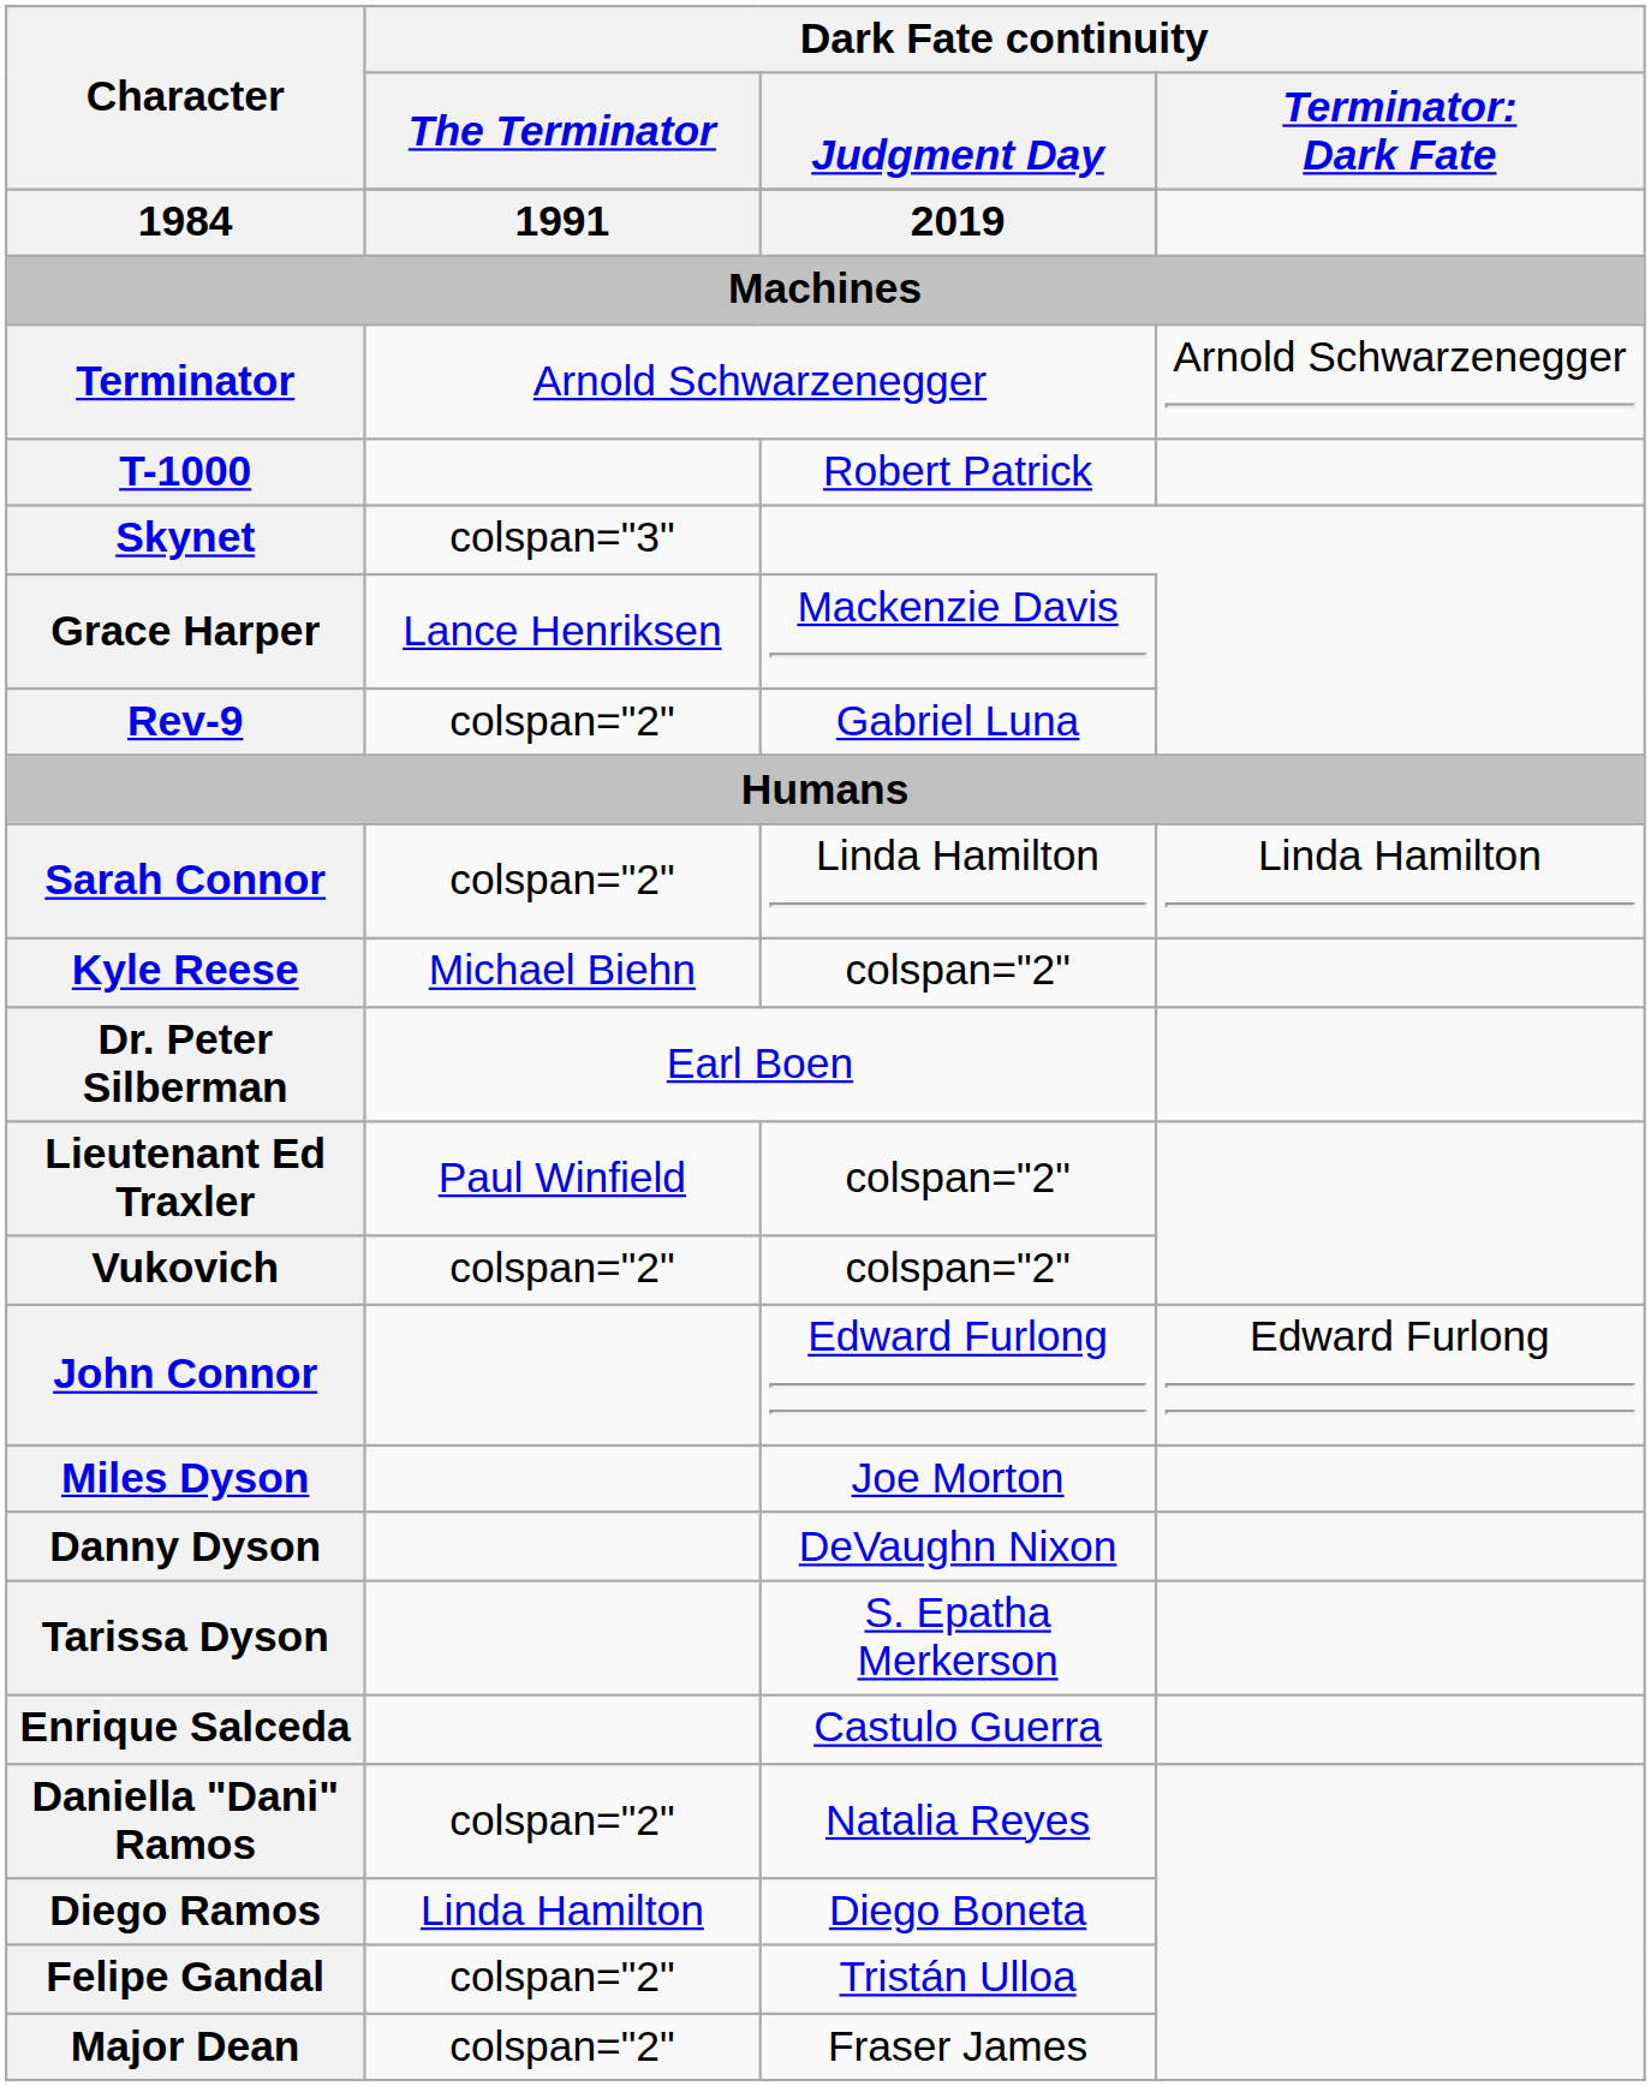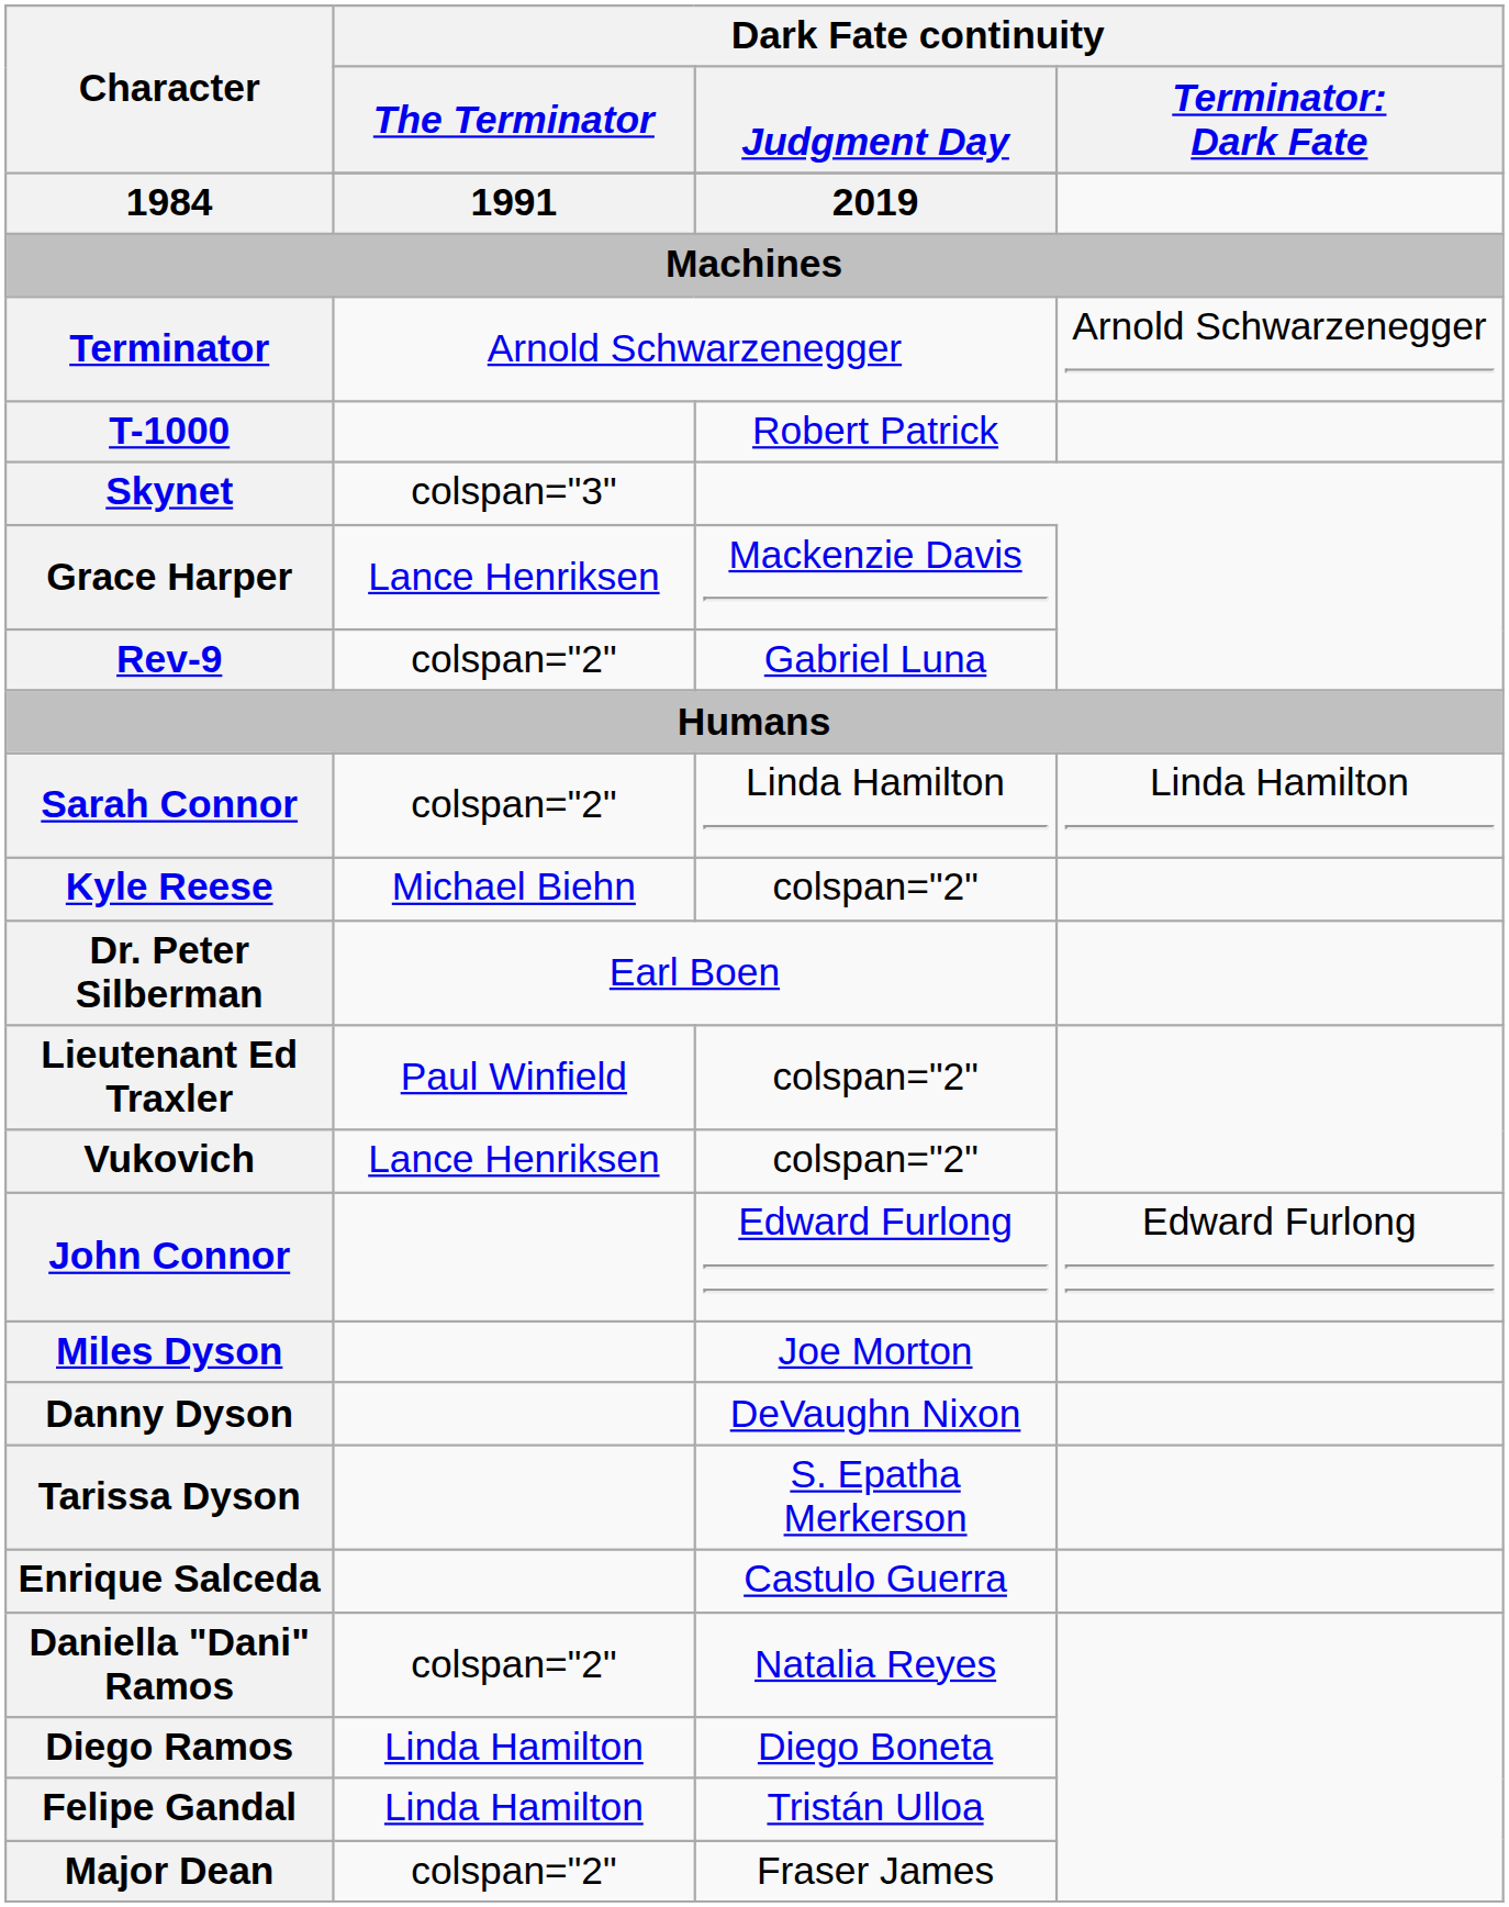 <table class="wikitable" style="text-align:center; width:99%; ">
 <tr>
 <th rowspan="3" style="width:12%;">Character</th>
 <th colspan="5" style="text-align:center;">Dark Fate continuity</th>
 </tr>
 <tr>
 <th style="text-align:center; width:15%;"><em><a href='#'>The Terminator</a></em></th>
 <th style="text-align:center; width:15%;"><em><a href='#'><br>Judgment Day</a></em></th>
 <th style="text-align:center; width:15%;"><em><a href='#'>Terminator:<br>Dark Fate</a></em></th>
 </tr>
 <tr>
 </tr>
 <tr>
 <th>1984</th>
 <th>1991</th>
 <th>2019</th>
 </tr>
 <tr>
 <th colspan="10" style="background-color:silver;"><strong>Machines</strong></th>
 </tr>
 <tr>
 <th><a href='#'>Terminator<br></a></th>
 <td colspan="2"><a href='#'>Arnold Schwarzenegger</a></td>
 <td>Arnold Schwarzenegger<hr></td>
 </tr>
 <tr>
 <th><a href='#'>T-1000</a></th>
 <td></td>
 <td><a href='#'>Robert Patrick</a></td>
 <td></td>
 </tr>
 <tr>
 <th><a href='#'>Skynet</a></th>
 <td>colspan="3" </td>
 </tr>
 <tr>
 <th>Grace Harper<br></th>
 <td><a href='#'>Lance Henriksen</a></td>
 <td><a href='#'>Mackenzie Davis</a><hr></td>
 </tr>
 <tr>
 <th><a href='#'>Rev-9</a></th>
 <td>colspan="2" </td>
 <td><a href='#'>Gabriel Luna</a></td>
 </tr>
 <tr>
 <th colspan="10" style="background-color:silver;"><strong>Humans</strong></th>
 </tr>
 <tr>
 <th><a href='#'>Sarah Connor</a></th>
 <td>colspan="2" </td>
 <td>Linda Hamilton<hr></td>
 <td>Linda Hamilton<hr></td>
 </tr>
 <tr>
 <th><a href='#'>Kyle Reese</a></th>
 <td><a href='#'>Michael Biehn</a></td>
 <td>colspan="2" </td>
 </tr>
 <tr>
 <th>Dr. Peter Silberman</th>
 <td colspan="2"><a href='#'>Earl Boen</a></td>
 <td></td>
 </tr>
 <tr>
 <th>Lieutenant Ed Traxler</th>
 <td><a href='#'>Paul Winfield</a></td>
 <td>colspan="2" </td>
 </tr>
 <tr>
 <th>Vukovich</th>
-<td>colspan="2" </td>
+<td><a href='#'>Lance Henriksen</a></td>
 <td>colspan="2" </td>
 </tr>
 <tr>
 <th><a href='#'>John Connor</a></th>
 <td></td>
 <td><a href='#'>Edward Furlong</a><hr><hr></td>
 <td>Edward Furlong<hr><hr></td>
 </tr>
 <tr>
 <th><a href='#'>Miles Dyson</a></th>
 <td></td>
 <td><a href='#'>Joe Morton</a></td>
 <td></td>
 </tr>
 <tr>
 <th>Danny Dyson</th>
 <td></td>
 <td><a href='#'>DeVaughn Nixon</a></td>
 <td></td>
 </tr>
 <tr>
 <th>Tarissa Dyson</th>
 <td></td>
 <td><a href='#'>S. Epatha Merkerson</a></td>
 <td></td>
 </tr>
 <tr>
 <th>Enrique Salceda</th>
 <td></td>
 <td><a href='#'>Castulo Guerra</a></td>
 <td></td>
 </tr>
 <tr>
 <th>Daniella "Dani" Ramos</th>
 <td>colspan="2" </td>
 <td><a href='#'>Natalia Reyes</a></td>
 </tr>
 <tr>
 <th>Diego Ramos</th>
 <td><a href='#'>Linda Hamilton</a></td>
 <td><a href='#'>Diego Boneta</a></td>
 </tr>
 <tr>
 <th>Felipe Gandal</th>
-<td>colspan="2" </td>
+<td><a href='#'>Linda Hamilton</a></td>
 <td><a href='#'>Tristán Ulloa</a></td>
 </tr>
 <tr>
 <th>Major Dean</th>
 <td>colspan="2" </td>
 <td>Fraser James</td>
 </tr>
 <tr>
 </tr>
 </table>
